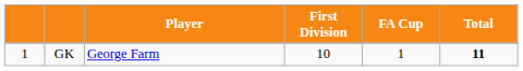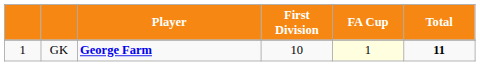 <table class="wikitable sortable" style="text-align:center; font-size:90%;">
 <tr>
 <th style="background-color:#F68712; color:#FFFFFF; width:35px;"></th>
 <th style="background-color:#F68712; color:#FFFFFF; width:35px;"></th>
 <th style="background-color:#F68712; color:#FFFFFF; width:205px;">Player</th>
 <th style="background-color:#F68712; color:#FFFFFF; width:75px;">First Division</th>
 <th style="background-color:#F68712; color:#FFFFFF; width:75px;">FA Cup</th>
 <th style="background-color:#F68712; color:#FFFFFF; width:75px;">Total</th>
 </tr>
 <tr>
 </tr>
 <tr>
 <td>1</td>
 <td>GK</td>
-<td align="left"> <a href='#'>George Farm</a></td>
+<td align="left"><strong> <a href='#'>George Farm</a></strong></td>
 <td>10</td>
-<td>1</td>
+<td style="background: lightyellow;">1</td>
 <td><strong>11</strong></td>
 </tr>
 </table>
